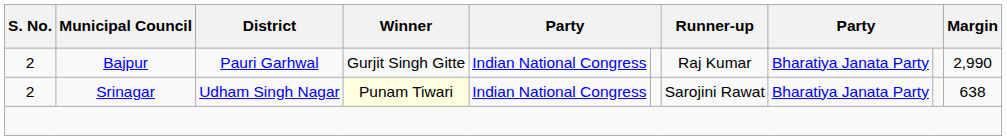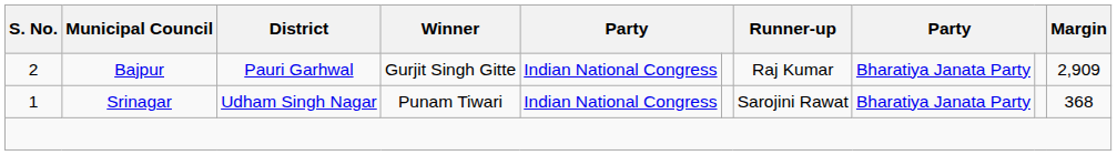 <table class="wikitable sortable">
 <tr style="text-align:center; height:45px;">
 <th scope="col">S. No.</th>
 <th>Municipal Council</th>
 <th>District</th>
 <th>Winner</th>
 <th colspan=2>Party</th>
 <th>Runner-up</th>
 <th colspan=2>Party</th>
 <th>Margin</th>
 </tr>
 <tr style="text-align:center; height:30px;">
 <td>2</td>
 <td><a href='#'>Bajpur</a></td>
 <td><a href='#'>Pauri Garhwal</a></td>
 <td>Gurjit Singh Gitte</td>
 <td><a href='#'>Indian National Congress</a></td>
 <td width="4px" style="background-color: "></td>
 <td>Raj Kumar</td>
 <td><a href='#'>Bharatiya Janata Party</a></td>
 <td width="4px" style="background-color: "></td>
-<td>2,990</td>
+<td>2,909</td>
 </tr>
 <tr style="text-align:center; height:30px;">
-<td>2</td>
+<td>1</td>
 <td><a href='#'>Srinagar</a></td>
 <td><a href='#'>Udham Singh Nagar</a></td>
-<td style="background: lightyellow;">Punam Tiwari</td>
+<td>Punam Tiwari</td>
 <td><a href='#'>Indian National Congress</a></td>
 <td width="4px" style="background-color: "></td>
 <td>Sarojini Rawat</td>
 <td><a href='#'>Bharatiya Janata Party</a></td>
 <td width="4px" style="background-color: "></td>
-<td>638</td>
+<td>368</td>
 </tr>
 <tr style="text-align:center; height:30px;">
 </tr>
 </table>
